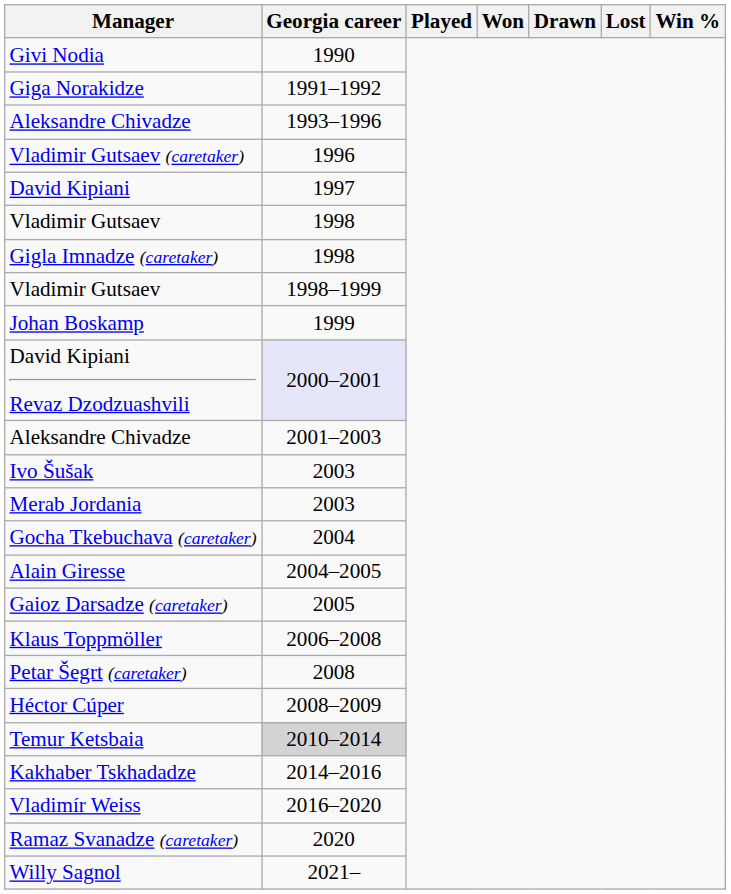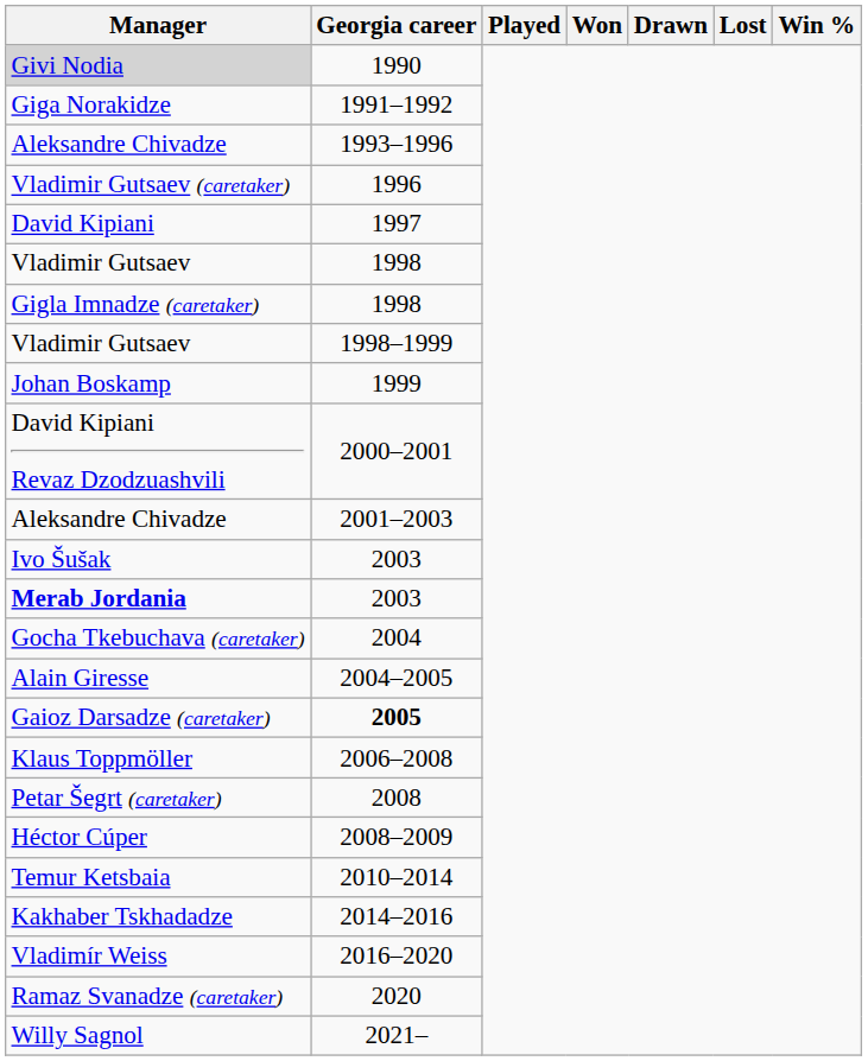 <table class="wikitable sortable collapsible collapsed" style="text-align:center">
 <tr>
 <th>Manager</th>
 <th>Georgia career</th>
 <th>Played</th>
 <th>Won</th>
 <th>Drawn</th>
 <th>Lost</th>
 <th>Win %</th>
 </tr>
 <tr>
-<td align="left"> <a href='#'>Givi Nodia</a></td>
+<td align="left" style="background: lightgrey;"> <a href='#'>Givi Nodia</a></td>
 <td>1990<br></td>
 </tr>
 <tr>
 <td align="left"> <a href='#'>Giga Norakidze</a></td>
 <td>1991–1992<br></td>
 </tr>
 <tr>
 <td align="left"> <a href='#'>Aleksandre Chivadze</a></td>
 <td>1993–1996<br></td>
 </tr>
 <tr>
 <td align="left"> <a href='#'>Vladimir Gutsaev</a> <small><em>(<a href='#'>caretaker</a>)</em></small></td>
 <td>1996<br></td>
 </tr>
 <tr>
 <td align="left"> <a href='#'>David Kipiani</a></td>
 <td>1997<br></td>
 </tr>
 <tr>
 <td align="left"> Vladimir Gutsaev</td>
 <td>1998<br></td>
 </tr>
 <tr>
 <td align="left"> <a href='#'>Gigla Imnadze</a> <small><em>(<a href='#'>caretaker</a>)</em></small></td>
 <td>1998<br></td>
 </tr>
 <tr>
 <td align="left"> Vladimir Gutsaev</td>
 <td>1998–1999<br></td>
 </tr>
 <tr>
 <td align="left"> <a href='#'>Johan Boskamp</a></td>
 <td>1999<br></td>
 </tr>
 <tr>
 <td align="left"> David Kipiani <hr>  <a href='#'>Revaz Dzodzuashvili</a></td>
-<td style="background: lavender;">2000–2001<br></td>
+<td>2000–2001<br></td>
 </tr>
 <tr>
 <td align="left"> Aleksandre Chivadze</td>
 <td>2001–2003<br></td>
 </tr>
 <tr>
 <td align="left"> <a href='#'>Ivo Šušak</a></td>
 <td>2003<br></td>
 </tr>
 <tr>
-<td align="left"> <a href='#'>Merab Jordania</a></td>
+<td align="left"><strong> <a href='#'>Merab Jordania</a></strong></td>
 <td>2003<br></td>
 </tr>
 <tr>
 <td align="left"> <a href='#'>Gocha Tkebuchava</a> <small><em>(<a href='#'>caretaker</a>)</em></small></td>
 <td>2004<br></td>
 </tr>
 <tr>
 <td align="left"> <a href='#'>Alain Giresse</a></td>
 <td>2004–2005<br></td>
 </tr>
 <tr>
 <td align="left"> <a href='#'>Gaioz Darsadze</a> <small><em>(<a href='#'>caretaker</a>)</em></small></td>
-<td>2005<br></td>
+<td><strong>2005<br></strong></td>
 </tr>
 <tr>
 <td align="left"> <a href='#'>Klaus Toppmöller</a></td>
 <td>2006–2008<br></td>
 </tr>
 <tr>
 <td align="left"> <a href='#'>Petar Šegrt</a> <small><em>(<a href='#'>caretaker</a>)</em></small></td>
 <td>2008<br></td>
 </tr>
 <tr>
 <td align="left"> <a href='#'>Héctor Cúper</a></td>
 <td>2008–2009<br></td>
 </tr>
 <tr>
 <td align="left"> <a href='#'>Temur Ketsbaia</a></td>
-<td style="background: lightgrey;">2010–2014<br></td>
+<td>2010–2014<br></td>
 </tr>
 <tr>
 <td align="left"> <a href='#'>Kakhaber Tskhadadze</a></td>
 <td>2014–2016<br></td>
 </tr>
 <tr>
 <td align="left"> <a href='#'>Vladimír Weiss</a></td>
 <td>2016–2020<br></td>
 </tr>
 <tr>
 <td align="left"> <a href='#'>Ramaz Svanadze</a> <small><em>(<a href='#'>caretaker</a>)</em></small></td>
 <td>2020<br></td>
 </tr>
 <tr>
 <td align=left> <a href='#'>Willy Sagnol</a></td>
 <td>2021–<br></td>
 </tr>
 </table>
